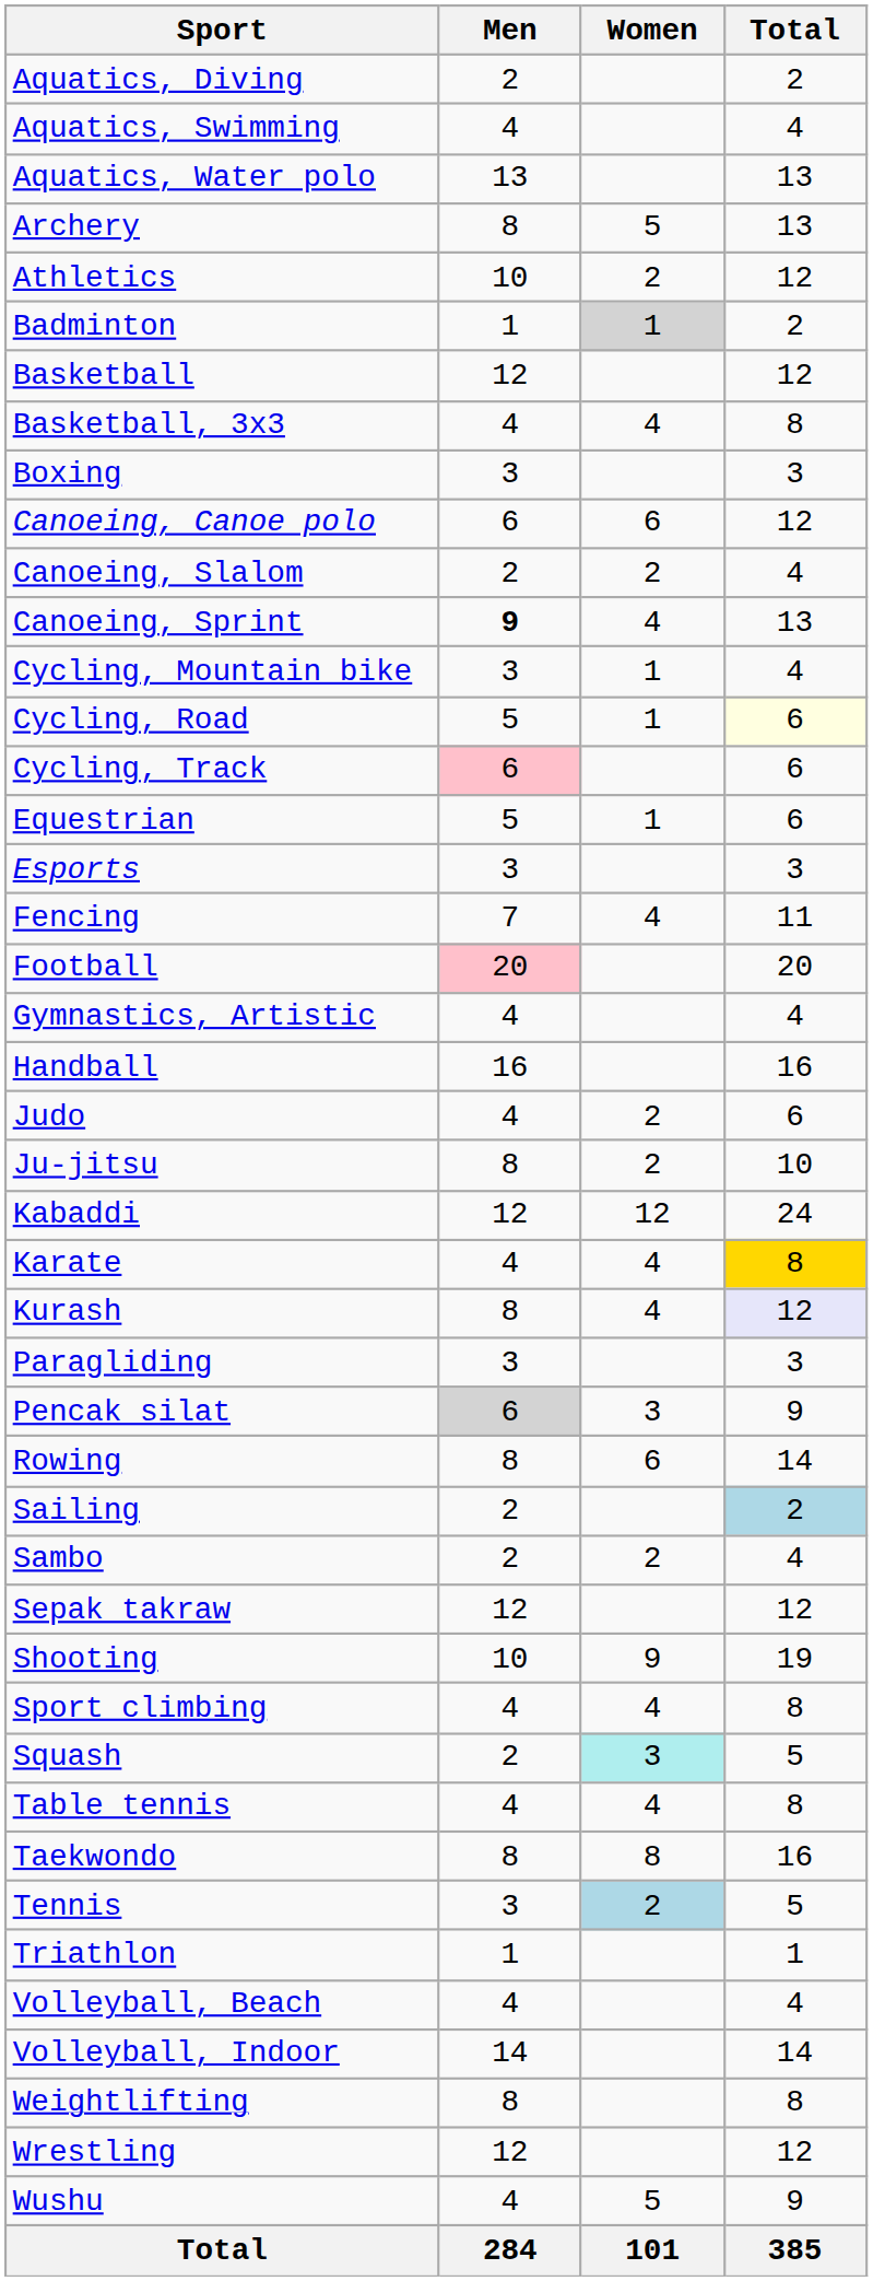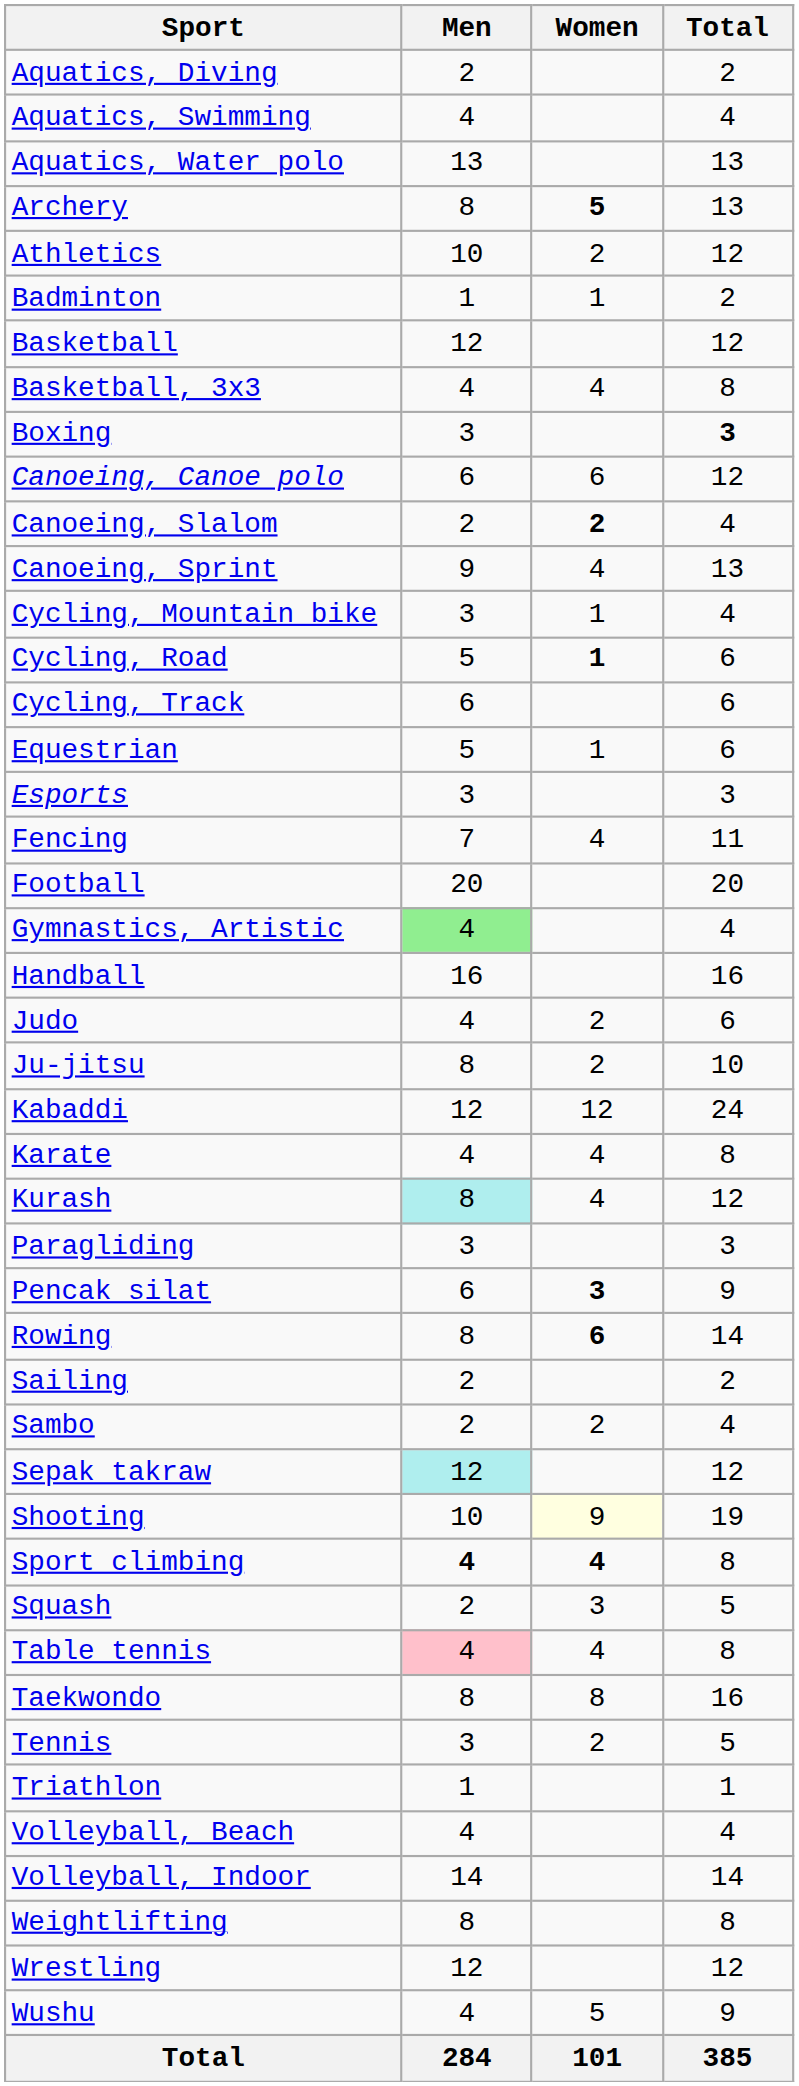 <table class="wikitable sortable" style="text-align:center;">
 <tr>
 <th width=180>Sport</th>
 <th width=55>Men</th>
 <th width=55>Women</th>
 <th width=55>Total</th>
 </tr>
 <tr>
 <td align=left><a href='#'>Aquatics, Diving</a></td>
 <td>2</td>
 <td></td>
 <td>2</td>
 </tr>
 <tr>
 <td align=left><a href='#'>Aquatics, Swimming</a></td>
 <td>4</td>
 <td></td>
 <td>4</td>
 </tr>
 <tr>
 <td align=left><a href='#'>Aquatics, Water polo</a></td>
 <td>13</td>
 <td></td>
 <td>13</td>
 </tr>
 <tr>
 <td align=left><a href='#'>Archery</a></td>
 <td>8</td>
-<td>5</td>
+<td><strong>5</strong></td>
 <td>13</td>
 </tr>
 <tr>
 <td align=left><a href='#'>Athletics</a></td>
 <td>10</td>
 <td>2</td>
 <td>12</td>
 </tr>
 <tr>
 <td align=left><a href='#'>Badminton</a></td>
 <td>1</td>
-<td style="background: lightgrey;">1</td>
+<td>1</td>
 <td>2</td>
 </tr>
 <tr>
 <td align=left><a href='#'>Basketball</a></td>
 <td>12</td>
 <td></td>
 <td>12</td>
 </tr>
 <tr>
 <td align=left><a href='#'>Basketball, 3x3</a></td>
 <td>4</td>
 <td>4</td>
 <td>8</td>
 </tr>
 <tr>
 <td align=left><a href='#'>Boxing</a></td>
 <td>3</td>
 <td></td>
-<td>3</td>
+<td><strong>3</strong></td>
 </tr>
 <tr>
 <td align=left><em><a href='#'>Canoeing, Canoe polo</a></em></td>
 <td>6</td>
 <td>6</td>
 <td>12</td>
 </tr>
 <tr>
 <td align=left><a href='#'>Canoeing, Slalom</a></td>
 <td>2</td>
-<td>2</td>
+<td><strong>2</strong></td>
 <td>4</td>
 </tr>
 <tr>
 <td align=left><a href='#'>Canoeing, Sprint</a></td>
-<td><strong>9</strong></td>
+<td>9</td>
 <td>4</td>
 <td>13</td>
 </tr>
 <tr>
 <td align=left><a href='#'>Cycling, Mountain bike</a></td>
 <td>3</td>
 <td>1</td>
 <td>4</td>
 </tr>
 <tr>
 <td align=left><a href='#'>Cycling, Road</a></td>
 <td>5</td>
-<td>1</td>
-<td style="background: lightyellow;">6</td>
+<td><strong>1</strong></td>
+<td>6</td>
 </tr>
 <tr>
 <td align=left><a href='#'>Cycling, Track</a></td>
-<td style="background: pink;">6</td>
+<td>6</td>
 <td></td>
 <td>6</td>
 </tr>
 <tr>
 <td align=left><a href='#'>Equestrian</a></td>
 <td>5</td>
 <td>1</td>
 <td>6</td>
 </tr>
 <tr>
 <td align=left><em><a href='#'>Esports</a></em></td>
 <td>3</td>
 <td></td>
 <td>3</td>
 </tr>
 <tr>
 <td align=left><a href='#'>Fencing</a></td>
 <td>7</td>
 <td>4</td>
 <td>11</td>
 </tr>
 <tr>
 <td align=left><a href='#'>Football</a></td>
-<td style="background: pink;">20</td>
+<td>20</td>
 <td></td>
 <td>20</td>
 </tr>
 <tr>
 <td align=left><a href='#'>Gymnastics, Artistic</a></td>
-<td>4</td>
+<td style="background: lightgreen;">4</td>
 <td></td>
 <td>4</td>
 </tr>
 <tr>
 <td align=left><a href='#'>Handball</a></td>
 <td>16</td>
 <td></td>
 <td>16</td>
 </tr>
 <tr>
 <td align=left><a href='#'>Judo</a></td>
 <td>4</td>
 <td>2</td>
 <td>6</td>
 </tr>
 <tr>
 <td align=left><a href='#'>Ju-jitsu</a></td>
 <td>8</td>
 <td>2</td>
 <td>10</td>
 </tr>
 <tr>
 <td align=left><a href='#'>Kabaddi</a></td>
 <td>12</td>
 <td>12</td>
 <td>24</td>
 </tr>
 <tr>
 <td align=left><a href='#'>Karate</a></td>
 <td>4</td>
 <td>4</td>
-<td style="background: gold;">8</td>
+<td>8</td>
 </tr>
 <tr>
 <td align=left><a href='#'>Kurash</a></td>
-<td>8</td>
+<td style="background: paleturquoise;">8</td>
 <td>4</td>
-<td style="background: lavender;">12</td>
+<td>12</td>
 </tr>
 <tr>
 <td align=left><a href='#'>Paragliding</a></td>
 <td>3</td>
 <td></td>
 <td>3</td>
 </tr>
 <tr>
 <td align=left><a href='#'>Pencak silat</a></td>
-<td style="background: lightgrey;">6</td>
-<td>3</td>
+<td>6</td>
+<td><strong>3</strong></td>
 <td>9</td>
 </tr>
 <tr>
 <td align=left><a href='#'>Rowing</a></td>
 <td>8</td>
-<td>6</td>
+<td><strong>6</strong></td>
 <td>14</td>
 </tr>
 <tr>
 <td align=left><a href='#'>Sailing</a></td>
 <td>2</td>
 <td></td>
-<td style="background: lightblue;">2</td>
+<td>2</td>
 </tr>
 <tr>
 <td align=left><a href='#'>Sambo</a></td>
 <td>2</td>
 <td>2</td>
 <td>4</td>
 </tr>
 <tr>
 <td align=left><a href='#'>Sepak takraw</a></td>
-<td>12</td>
+<td style="background: paleturquoise;">12</td>
 <td></td>
 <td>12</td>
 </tr>
 <tr>
 <td align=left><a href='#'>Shooting</a></td>
 <td>10</td>
-<td>9</td>
+<td style="background: lightyellow;">9</td>
 <td>19</td>
 </tr>
 <tr>
 <td align=left><a href='#'>Sport climbing</a></td>
-<td>4</td>
-<td>4</td>
+<td><strong>4</strong></td>
+<td><strong>4</strong></td>
 <td>8</td>
 </tr>
 <tr>
 <td align=left><a href='#'>Squash</a></td>
 <td>2</td>
-<td style="background: paleturquoise;">3</td>
+<td>3</td>
 <td>5</td>
 </tr>
 <tr>
 <td align=left><a href='#'>Table tennis</a></td>
-<td>4</td>
+<td style="background: pink;">4</td>
 <td>4</td>
 <td>8</td>
 </tr>
 <tr>
 <td align=left><a href='#'>Taekwondo</a></td>
 <td>8</td>
 <td>8</td>
 <td>16</td>
 </tr>
 <tr>
 <td align=left><a href='#'>Tennis</a></td>
 <td>3</td>
-<td style="background: lightblue;">2</td>
+<td>2</td>
 <td>5</td>
 </tr>
 <tr>
 <td align=left><a href='#'>Triathlon</a></td>
 <td>1</td>
 <td></td>
 <td>1</td>
 </tr>
 <tr>
 <td align=left><a href='#'>Volleyball, Beach</a></td>
 <td>4</td>
 <td></td>
 <td>4</td>
 </tr>
 <tr>
 <td align=left><a href='#'>Volleyball, Indoor</a></td>
 <td>14</td>
 <td></td>
 <td>14</td>
 </tr>
 <tr>
 <td align=left><a href='#'>Weightlifting</a></td>
 <td>8</td>
 <td></td>
 <td>8</td>
 </tr>
 <tr>
 <td align=left><a href='#'>Wrestling</a></td>
 <td>12</td>
 <td></td>
 <td>12</td>
 </tr>
 <tr>
 <td align=left><a href='#'>Wushu</a></td>
 <td>4</td>
 <td>5</td>
 <td>9</td>
 </tr>
 <tr class="sortbottom">
 <th>Total</th>
 <th>284</th>
 <th>101</th>
 <th>385</th>
 </tr>
 </table>
